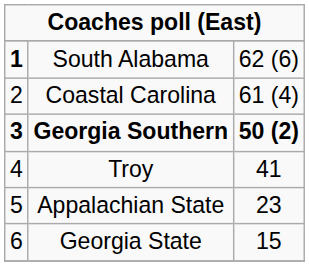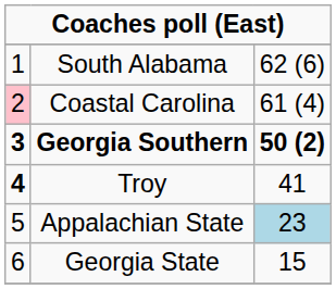 <table class="wikitable">
 <tr align="center">
 <td align="center" Colspan="3"><strong>Coaches poll (East)</strong></td>
 </tr>
 <tr align="center">
 </tr>
 <tr align="center">
-<td><strong>1</strong></td>
+<td>1</td>
 <td>South Alabama</td>
 <td>62 (6)</td>
 </tr>
 <tr align="center">
-<td>2</td>
+<td style="background: pink;">2</td>
 <td>Coastal Carolina</td>
 <td>61 (4)</td>
 </tr>
 <tr align="center">
 <td><strong>3</strong></td>
 <td><strong>Georgia Southern</strong></td>
 <td><strong>50 (2)</strong></td>
 </tr>
 <tr align="center">
-<td>4</td>
+<td><strong>4</strong></td>
 <td>Troy</td>
 <td>41</td>
 </tr>
 <tr align="center">
 <td>5</td>
 <td>Appalachian State</td>
-<td>23</td>
+<td style="background: lightblue;">23</td>
 </tr>
 <tr align="center">
 <td>6</td>
 <td>Georgia State</td>
 <td>15</td>
 </tr>
 <tr align="center">
 </tr>
 </table>
